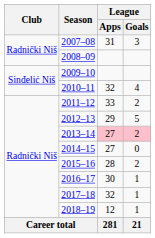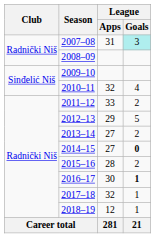 <table class="wikitable" style="text-align:center">
 <tr>
 <th rowspan="2">Club</th>
 <th rowspan="2">Season</th>
 <th colspan="2">League</th>
 </tr>
 <tr>
 <th>Apps</th>
 <th>Goals</th>
 </tr>
 <tr>
 <td rowspan="2"><a href='#'>Radnički Niš</a></td>
 <td><a href='#'>2007–08</a></td>
 <td>31</td>
-<td>3</td>
+<td style="background: paleturquoise;">3</td>
 </tr>
 <tr>
 <td><a href='#'>2008–09</a></td>
 <td></td>
 <td></td>
 </tr>
 <tr>
 <td rowspan="2"><a href='#'>Sinđelić Niš</a></td>
 <td><a href='#'>2009–10</a></td>
 <td></td>
 <td></td>
 </tr>
 <tr>
 <td><a href='#'>2010–11</a></td>
 <td>32</td>
 <td>4</td>
 </tr>
 <tr>
 <td rowspan="8"><a href='#'>Radnički Niš</a></td>
 <td><a href='#'>2011–12</a></td>
 <td>33</td>
 <td>2</td>
 </tr>
 <tr>
 <td><a href='#'>2012–13</a></td>
 <td>29</td>
 <td>5</td>
 </tr>
 <tr>
 <td><a href='#'>2013–14</a></td>
-<td style="background: pink;">27</td>
-<td style="background: pink;">2</td>
+<td>27</td>
+<td>2</td>
 </tr>
 <tr>
 <td><a href='#'>2014–15</a></td>
 <td>27</td>
-<td>0</td>
+<td><strong>0</strong></td>
 </tr>
 <tr>
 <td><a href='#'>2015–16</a></td>
 <td>28</td>
 <td>2</td>
 </tr>
 <tr>
 <td><a href='#'>2016–17</a></td>
 <td>30</td>
-<td>1</td>
+<td><strong>1</strong></td>
 </tr>
 <tr>
 <td><a href='#'>2017–18</a></td>
 <td>32</td>
 <td>1</td>
 </tr>
 <tr>
 <td><a href='#'>2018–19</a></td>
 <td>12</td>
 <td>1</td>
 </tr>
 <tr>
 <th colspan="2">Career total</th>
 <th>281</th>
 <th>21</th>
 </tr>
 </table>
